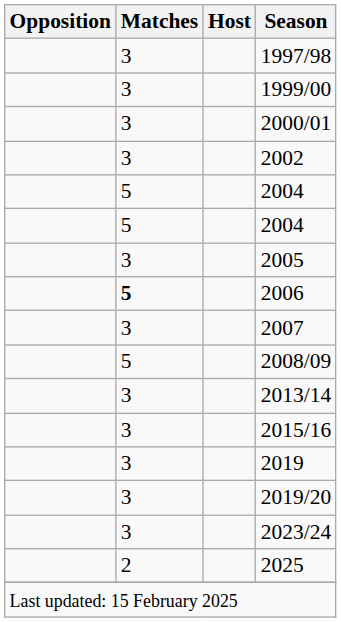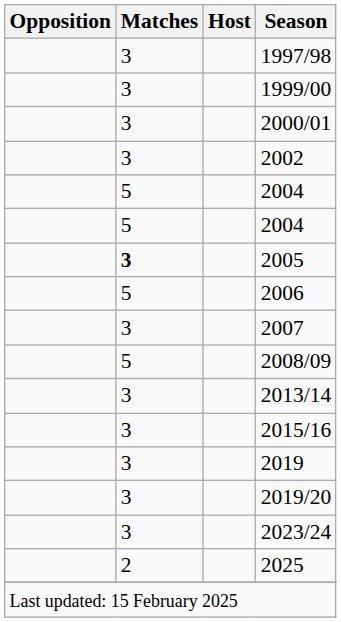 <table class="wikitable plainrowheaders sortable">
 <tr>
 <th scope=col>Opposition</th>
 <th scope=col style="text-align:center">Matches</th>
 <th scope=col>Host</th>
 <th scope=col style="text-align:center">Season</th>
 </tr>
 <tr>
 <td></td>
 <td>3</td>
 <td></td>
 <td>1997/98</td>
 </tr>
 <tr>
 <td></td>
 <td>3</td>
 <td></td>
 <td>1999/00</td>
 </tr>
 <tr>
 <td></td>
 <td>3</td>
 <td></td>
 <td>2000/01</td>
 </tr>
 <tr>
 <td></td>
 <td>3</td>
 <td></td>
 <td>2002</td>
 </tr>
 <tr>
 <td></td>
 <td>5</td>
 <td></td>
 <td>2004</td>
 </tr>
 <tr>
 <td></td>
 <td>5</td>
 <td></td>
 <td>2004</td>
 </tr>
 <tr>
 <td></td>
-<td>3</td>
+<td><strong>3</strong></td>
 <td></td>
 <td>2005</td>
 </tr>
 <tr>
 <td></td>
-<td><strong>5</strong></td>
+<td>5</td>
 <td></td>
 <td>2006</td>
 </tr>
 <tr>
 <td></td>
 <td>3</td>
 <td></td>
 <td>2007</td>
 </tr>
 <tr>
 <td></td>
 <td>5</td>
 <td></td>
 <td>2008/09</td>
 </tr>
 <tr>
 <td></td>
 <td>3</td>
 <td></td>
 <td>2013/14</td>
 </tr>
 <tr>
 <td></td>
 <td>3</td>
 <td></td>
 <td>2015/16</td>
 </tr>
 <tr>
 <td></td>
 <td>3</td>
 <td></td>
 <td>2019</td>
 </tr>
 <tr>
 <td></td>
 <td>3</td>
 <td></td>
 <td>2019/20</td>
 </tr>
 <tr>
 <td></td>
 <td>3</td>
 <td></td>
 <td>2023/24</td>
 </tr>
 <tr>
 <td></td>
 <td>2</td>
 <td></td>
 <td>2025</td>
 </tr>
 <tr>
 </tr>
 <tr class=sortbottom>
 <td colspan=5><small>Last updated: 15 February 2025</small></td>
 </tr>
 </table>
